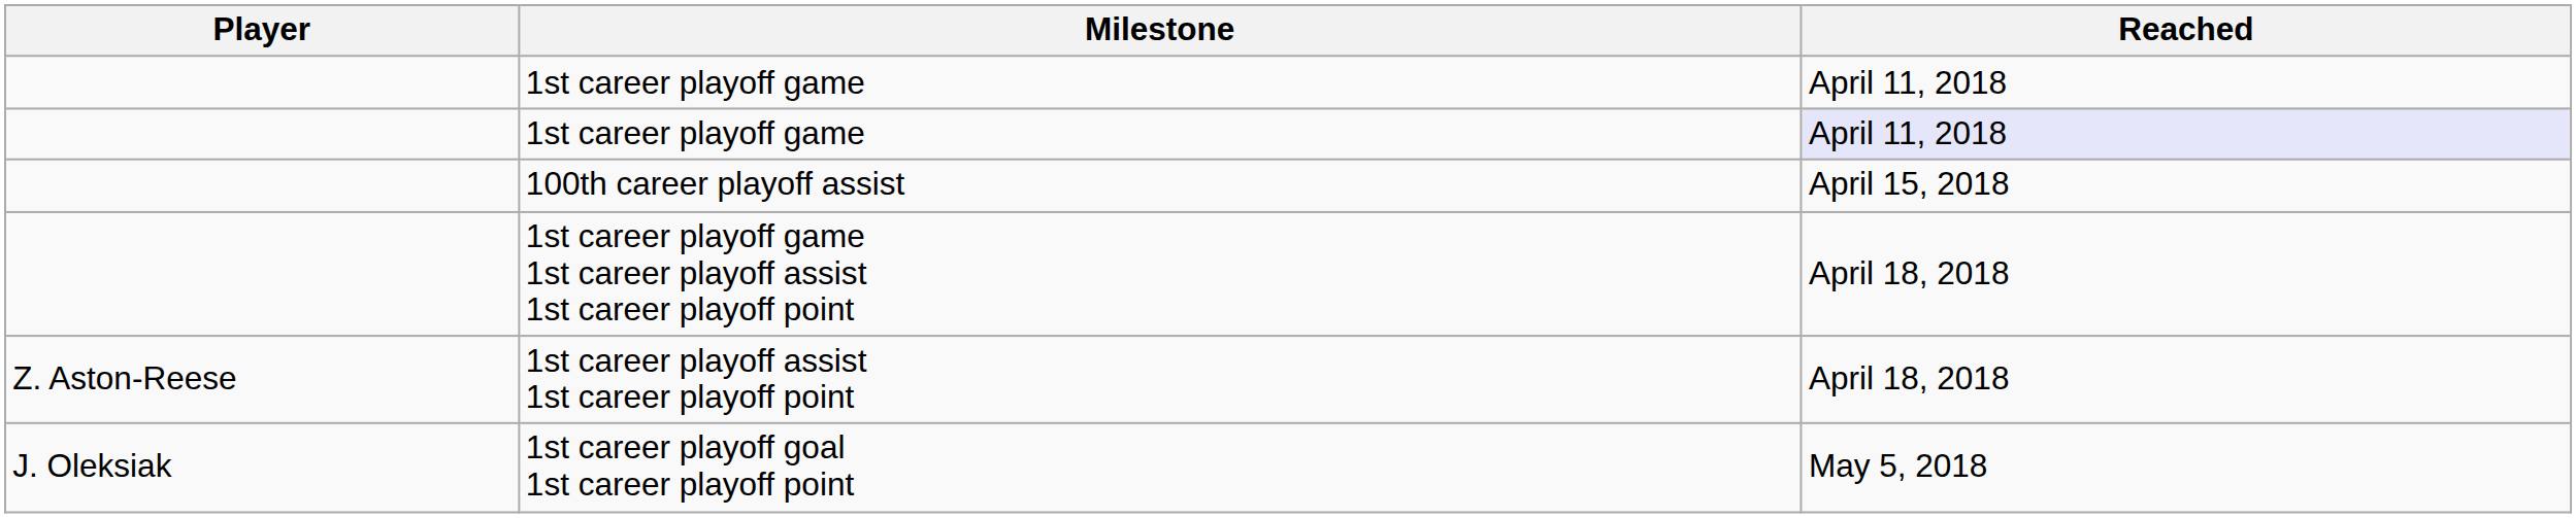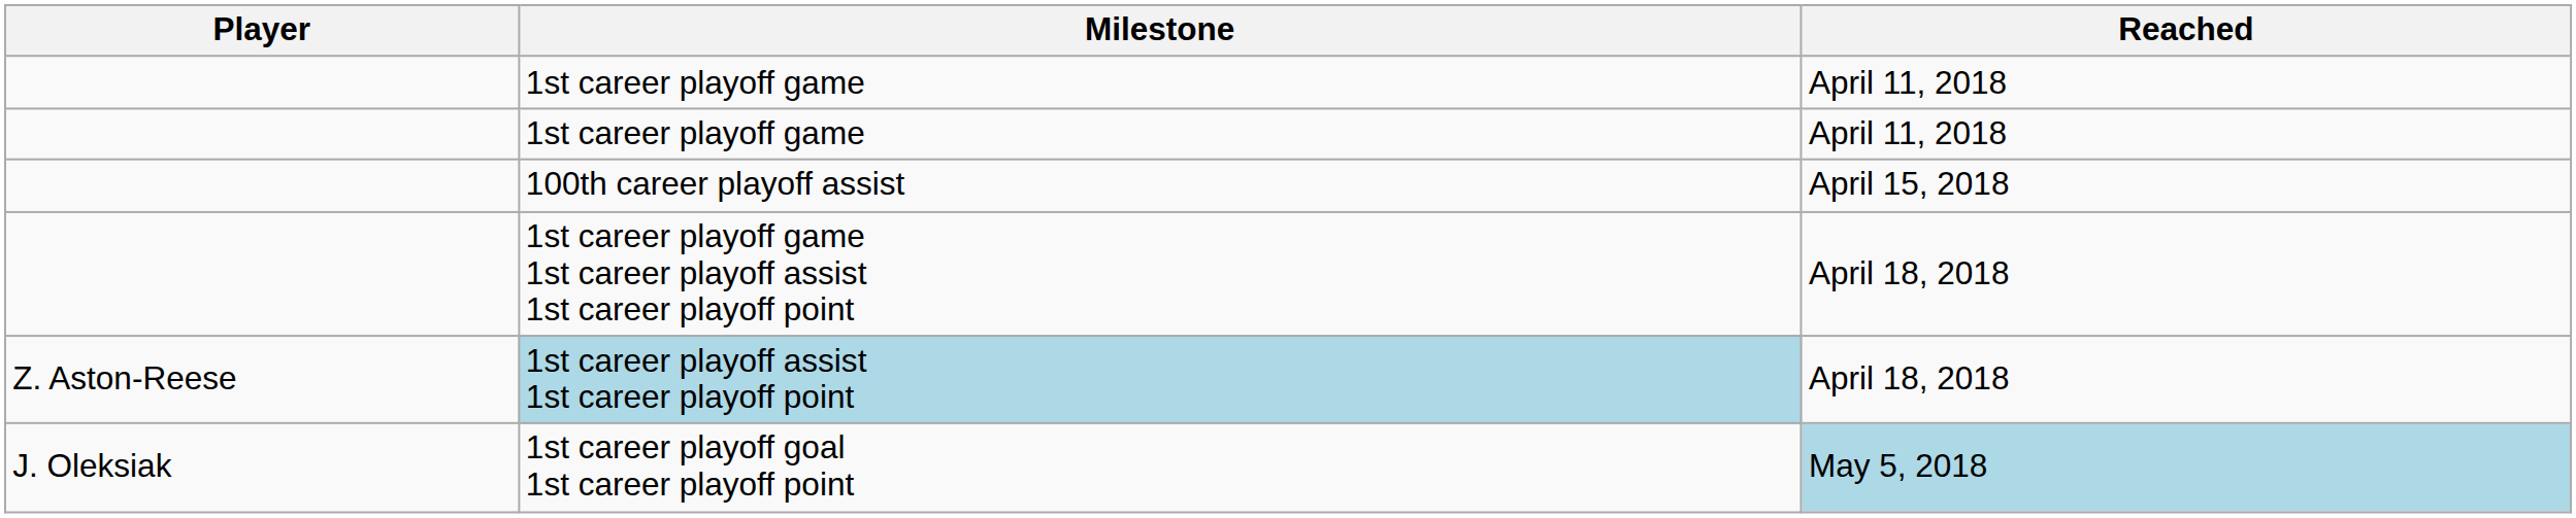 <table class="wikitable sortable" style="width:100%;">
 <tr align=center>
 <th style="width:20%;">Player</th>
 <th style="width:50%;">Milestone</th>
 <th style="width:30%;" data-sort-type="date">Reached</th>
 </tr>
 <tr>
 <td></td>
 <td>1st career playoff game</td>
 <td>April 11, 2018</td>
 </tr>
 <tr>
 <td></td>
 <td>1st career playoff game</td>
-<td style="background: lavender;">April 11, 2018</td>
+<td>April 11, 2018</td>
 </tr>
 <tr>
 <td></td>
 <td>100th career playoff assist</td>
 <td>April 15, 2018</td>
 </tr>
 <tr>
 <td></td>
 <td>1st career playoff game<br>1st career playoff assist<br>1st career playoff point</td>
 <td>April 18, 2018</td>
 </tr>
 <tr>
 <td>Z. Aston-Reese</td>
-<td>1st career playoff assist<br>1st career playoff point</td>
+<td style="background: lightblue;">1st career playoff assist<br>1st career playoff point</td>
 <td>April 18, 2018</td>
 </tr>
 <tr>
 <td>J. Oleksiak</td>
 <td>1st career playoff goal<br>1st career playoff point</td>
-<td>May 5, 2018</td>
+<td style="background: lightblue;">May 5, 2018</td>
 </tr>
 </table>
